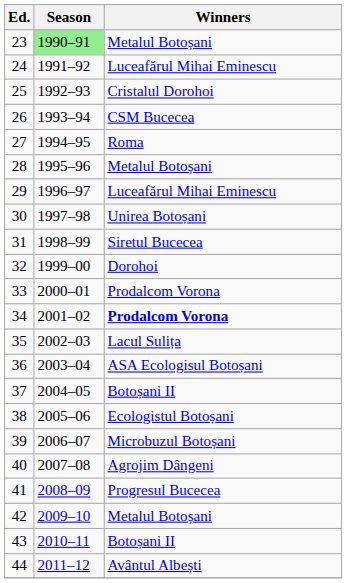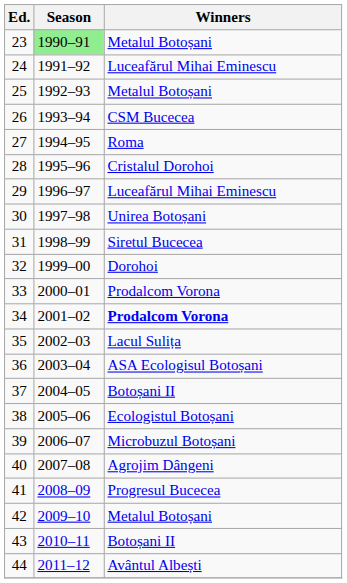 <table class="wikitable" style="font-size:90%">
 <tr>
 <th><abbr>Ed.</abbr></th>
 <th width="60">Season</th>
 <th width="220">Winners</th>
 </tr>
 <tr>
 <td align=center>23</td>
 <td style="background: lightgreen;">1990–91</td>
 <td><a href='#'>Metalul Botoșani</a></td>
 </tr>
 <tr>
 <td align=center>24</td>
 <td>1991–92</td>
 <td><a href='#'>Luceafărul Mihai Eminescu</a></td>
 </tr>
 <tr>
 <td align=center>25</td>
 <td>1992–93</td>
-<td><a href='#'>Cristalul Dorohoi</a></td>
+<td><a href='#'>Metalul Botoșani</a></td>
 </tr>
 <tr>
 <td align=center>26</td>
 <td>1993–94</td>
 <td><a href='#'>CSM Bucecea</a></td>
 </tr>
 <tr>
 <td align=center>27</td>
 <td>1994–95</td>
 <td><a href='#'>Roma</a></td>
 </tr>
 <tr>
 <td align=center>28</td>
 <td>1995–96</td>
-<td><a href='#'>Metalul Botoșani</a></td>
+<td><a href='#'>Cristalul Dorohoi</a></td>
 </tr>
 <tr>
 <td align=center>29</td>
 <td>1996–97</td>
 <td><a href='#'>Luceafărul Mihai Eminescu</a></td>
 </tr>
 <tr>
 <td align=center>30</td>
 <td>1997–98</td>
 <td><a href='#'>Unirea Botoșani</a></td>
 </tr>
 <tr>
 <td align=center>31</td>
 <td>1998–99</td>
 <td><a href='#'>Siretul Bucecea</a></td>
 </tr>
 <tr>
 <td align=center>32</td>
 <td>1999–00</td>
 <td><a href='#'>Dorohoi</a></td>
 </tr>
 <tr>
 <td align=center>33</td>
 <td>2000–01</td>
 <td><a href='#'>Prodalcom Vorona</a></td>
 </tr>
 <tr>
 <td align=center>34</td>
 <td>2001–02</td>
 <td><strong><a href='#'>Prodalcom Vorona</a></strong></td>
 </tr>
 <tr>
 <td align=center>35</td>
 <td>2002–03</td>
 <td><a href='#'>Lacul Sulița</a></td>
 </tr>
 <tr>
 <td align=center>36</td>
 <td>2003–04</td>
 <td><a href='#'>ASA Ecologisul Botoșani</a></td>
 </tr>
 <tr>
 <td align=center>37</td>
 <td>2004–05</td>
 <td><a href='#'>Botoșani II</a></td>
 </tr>
 <tr>
 <td align=center>38</td>
 <td>2005–06</td>
 <td><a href='#'>Ecologistul Botoșani</a></td>
 </tr>
 <tr>
 <td align=center>39</td>
 <td>2006–07</td>
 <td><a href='#'>Microbuzul Botoșani</a></td>
 </tr>
 <tr>
 <td align=center>40</td>
 <td>2007–08</td>
 <td><a href='#'>Agrojim Dângeni</a></td>
 </tr>
 <tr>
 <td align=center>41</td>
 <td><a href='#'>2008–09</a></td>
 <td><a href='#'>Progresul Bucecea</a></td>
 </tr>
 <tr>
 <td align=center>42</td>
 <td><a href='#'>2009–10</a></td>
 <td><a href='#'>Metalul Botoșani</a></td>
 </tr>
 <tr>
 <td align=center>43</td>
 <td><a href='#'>2010–11</a></td>
 <td><a href='#'>Botoșani II</a></td>
 </tr>
 <tr>
 <td align=center>44</td>
 <td><a href='#'>2011–12</a></td>
 <td><a href='#'>Avântul Albești</a></td>
 </tr>
 <tr>
 </tr>
 </table>
